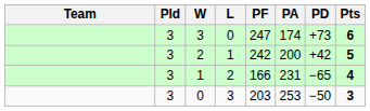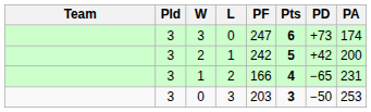 <table class=wikitable style="text-align:center">
 <tr>
 <th width=180>Team</th>
 <th width=30>Pld</th>
 <th width=30>W</th>
 <th width=30>L</th>
 <th width=30>PF</th>
+<th width=30>Pts</th>
+<th width=30>PD</th>
 <th width=30>PA</th>
-<th width=30>PD</th>
-<th width=30>Pts</th>
 </tr>
 <tr align=center bgcolor="#ccffcc">
 <td align=left></td>
 <td>3</td>
 <td>3</td>
 <td>0</td>
 <td>247</td>
+<td><strong>6</strong></td>
+<td>+73</td>
 <td>174</td>
-<td>+73</td>
-<td><strong>6</strong></td>
 </tr>
 <tr align=center bgcolor="#ccffcc">
 <td align=left></td>
 <td>3</td>
 <td>2</td>
 <td>1</td>
 <td>242</td>
+<td><strong>5</strong></td>
+<td>+42</td>
 <td>200</td>
-<td>+42</td>
-<td><strong>5</strong></td>
 </tr>
 <tr align=center bgcolor="#ccffcc">
 <td align=left></td>
 <td>3</td>
 <td>1</td>
 <td>2</td>
 <td>166</td>
+<td><strong>4</strong></td>
+<td>−65</td>
 <td>231</td>
-<td>−65</td>
-<td><strong>4</strong></td>
 </tr>
 <tr align=center>
 <td align=left></td>
 <td>3</td>
 <td>0</td>
 <td>3</td>
 <td>203</td>
+<td><strong>3</strong></td>
+<td>−50</td>
 <td>253</td>
-<td>−50</td>
-<td><strong>3</strong></td>
 </tr>
 </table>
